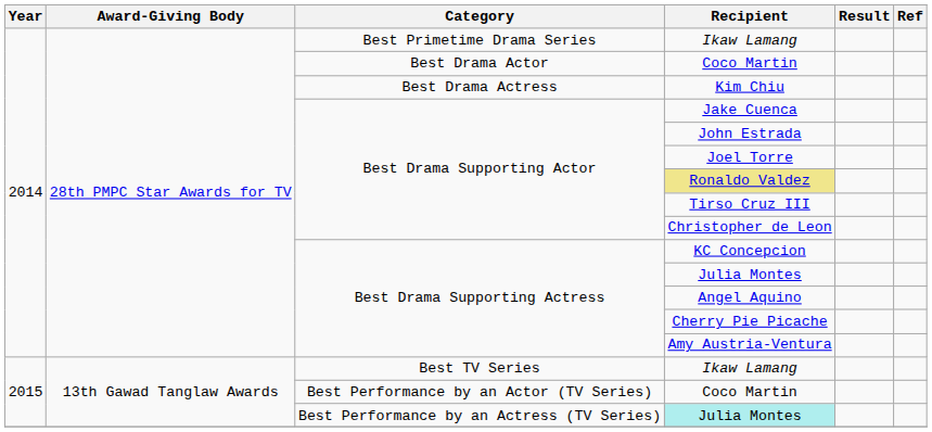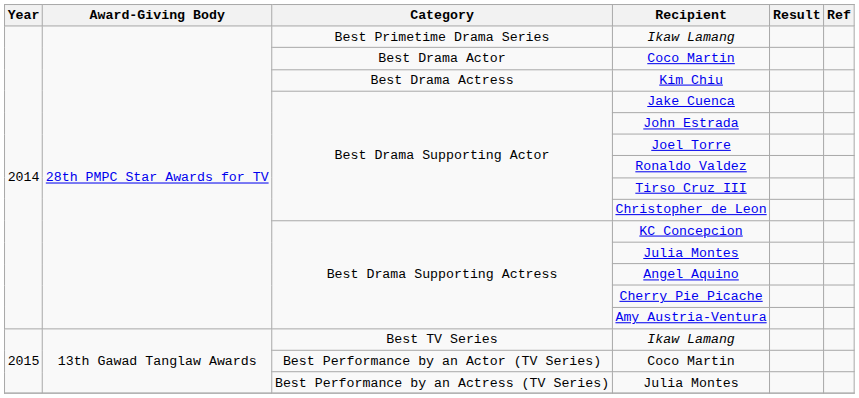 <table class="wikitable sortable" style="text-align:center">
 <tr>
 <th>Year</th>
 <th>Award-Giving Body</th>
 <th>Category</th>
 <th>Recipient</th>
 <th>Result</th>
 <th>Ref</th>
 </tr>
 <tr>
 <td rowspan=14>2014</td>
 <td rowspan=14><a href='#'>28th PMPC Star Awards for TV</a></td>
 <td>Best Primetime Drama Series</td>
 <td><em>Ikaw Lamang</em></td>
 <td></td>
 <td></td>
 </tr>
 <tr>
 <td>Best Drama Actor</td>
 <td><a href='#'>Coco Martin</a></td>
 <td></td>
 <td></td>
 </tr>
 <tr>
 <td>Best Drama Actress</td>
 <td><a href='#'>Kim Chiu</a></td>
 <td></td>
 <td></td>
 </tr>
 <tr>
 <td rowspan=6>Best Drama Supporting Actor</td>
 <td><a href='#'>Jake Cuenca</a></td>
 <td></td>
 <td></td>
 </tr>
 <tr>
 <td><a href='#'>John Estrada</a></td>
 <td></td>
 <td></td>
 </tr>
 <tr>
 <td><a href='#'>Joel Torre</a></td>
 <td></td>
 <td></td>
 </tr>
 <tr>
-<td style="background: khaki;"><a href='#'>Ronaldo Valdez</a></td>
+<td><a href='#'>Ronaldo Valdez</a></td>
 <td></td>
 <td></td>
 </tr>
 <tr>
 <td><a href='#'>Tirso Cruz III</a></td>
 <td></td>
 <td></td>
 </tr>
 <tr>
 <td><a href='#'>Christopher de Leon</a></td>
 <td></td>
 <td></td>
 </tr>
 <tr>
 <td rowspan=5>Best Drama Supporting Actress</td>
 <td><a href='#'>KC Concepcion</a></td>
 <td></td>
 <td></td>
 </tr>
 <tr>
 <td><a href='#'>Julia Montes</a></td>
 <td></td>
 <td></td>
 </tr>
 <tr>
 <td><a href='#'>Angel Aquino</a></td>
 <td></td>
 <td></td>
 </tr>
 <tr>
 <td><a href='#'>Cherry Pie Picache</a></td>
 <td></td>
 <td></td>
 </tr>
 <tr>
 <td><a href='#'>Amy Austria-Ventura</a></td>
 <td></td>
 <td></td>
 </tr>
 <tr>
 <td rowspan=3>2015</td>
 <td rowspan=3>13th Gawad Tanglaw Awards</td>
 <td>Best TV Series</td>
 <td><em>Ikaw Lamang</em></td>
 <td></td>
 <td></td>
 </tr>
 <tr>
 <td>Best Performance by an Actor (TV Series)</td>
 <td>Coco Martin</td>
 <td></td>
 <td></td>
 </tr>
 <tr>
 <td>Best Performance by an Actress (TV Series)</td>
-<td style="background: paleturquoise;">Julia Montes</td>
+<td>Julia Montes</td>
 <td></td>
 <td></td>
 </tr>
 <tr>
 </tr>
 </table>
